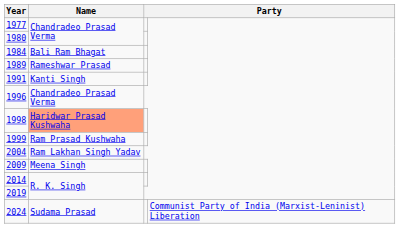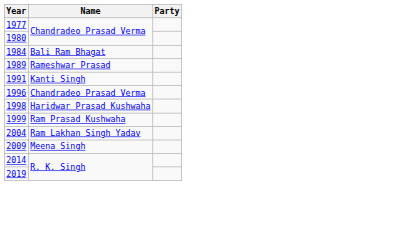 <table class="wikitable">
 <tr>
 <th>Year</th>
 <th>Name</th>
 <th colspan="2">Party</th>
 </tr>
 <tr>
 <td><a href='#'>1977</a></td>
 <td rowspan="2"><a href='#'>Chandradeo Prasad Verma</a></td>
 <td></td>
 </tr>
 <tr>
 <td><a href='#'>1980</a></td>
 <td></td>
 </tr>
 <tr>
 <td><a href='#'>1984</a></td>
 <td><a href='#'>Bali Ram Bhagat</a></td>
 <td></td>
 </tr>
 <tr>
 <td><a href='#'>1989</a></td>
 <td><a href='#'>Rameshwar Prasad</a></td>
 <td></td>
 </tr>
 <tr>
 <td><a href='#'>1991</a></td>
 <td><a href='#'>Kanti Singh</a></td>
 <td></td>
 </tr>
 <tr>
 <td><a href='#'>1996</a></td>
 <td><a href='#'>Chandradeo Prasad Verma</a></td>
 </tr>
 <tr>
 <td><a href='#'>1998</a></td>
-<td style="background: lightsalmon;"><a href='#'>Haridwar Prasad Kushwaha</a></td>
+<td><a href='#'>Haridwar Prasad Kushwaha</a></td>
 <td></td>
 </tr>
 <tr>
 <td><a href='#'>1999</a></td>
 <td><a href='#'>Ram Prasad Kushwaha</a></td>
 <td></td>
 </tr>
 <tr>
 <td><a href='#'>2004</a></td>
 <td><a href='#'>Ram Lakhan Singh Yadav</a></td>
 </tr>
 <tr>
 <td><a href='#'>2009</a></td>
 <td rowspan="1"><a href='#'>Meena Singh</a></td>
 <td></td>
 </tr>
 <tr>
 <td><a href='#'>2014</a></td>
 <td rowspan="2"><a href='#'>R. K. Singh</a></td>
 <td></td>
 </tr>
 <tr>
 <td><a href='#'>2019</a></td>
 </tr>
-<tr>
-<td><a href='#'>2024</a></td>
-<td><a href='#'>Sudama Prasad</a></td>
-<td style="background-color: "></td>
-<td><a href='#'>Communist Party of India (Marxist-Leninist) Liberation</a></td>
-</tr>
 </table>
